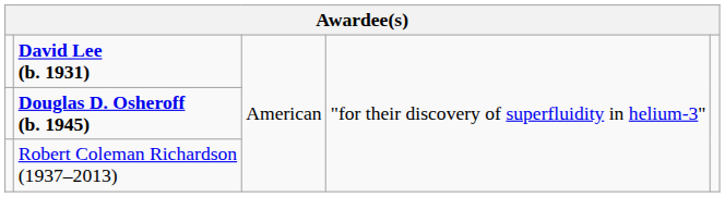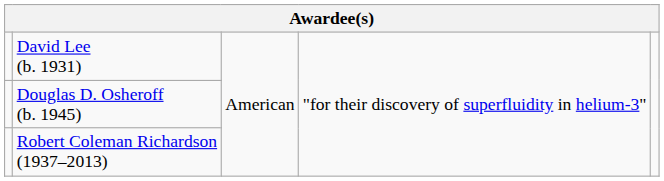 <table class="wikitable">
 <tr>
 <th colspan="5">Awardee(s)</th>
 </tr>
 <tr>
 <td></td>
-<td><strong><a href='#'>David Lee</a><br>(b. 1931)</strong></td>
+<td><a href='#'>David Lee</a><br>(b. 1931)</td>
 <td rowspan="3"> American</td>
 <td rowspan="3">"for their discovery of <a href='#'>superfluidity</a> in <a href='#'>helium-3</a>"</td>
 <td rowspan="3"></td>
 </tr>
 <tr>
 <td></td>
-<td><strong><a href='#'>Douglas D. Osheroff</a><br>(b. 1945)</strong></td>
+<td><a href='#'>Douglas D. Osheroff</a><br>(b. 1945)</td>
 </tr>
 <tr>
 <td></td>
 <td><a href='#'>Robert Coleman Richardson</a><br>(1937–2013)</td>
 </tr>
 </table>
